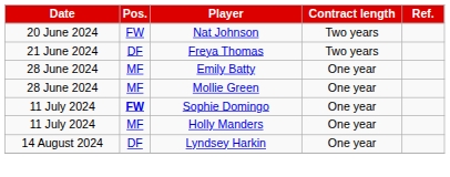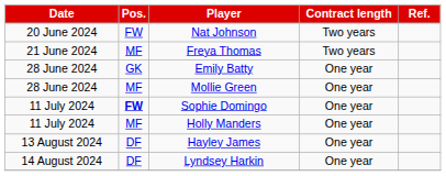 <table class="wikitable" style="text-align:center;">
 <tr>
 <th style="background:#DD0000; color:#FFFFFF; width:150px;">Date</th>
 <th style="background:#DD0000; color:#FFFFFF; width:20px;">Pos.</th>
 <th style="background:#DD0000; color:#FFFFFF; width:200px;">Player</th>
 <th style="background:#DD0000; color:#FFFFFF; width:130px;">Contract length</th>
 <th style="background:#DD0000; color:#FFFFFF; width:50px;">Ref.</th>
 </tr>
 <tr>
 <td>20 June 2024</td>
 <td><a href='#'>FW</a></td>
 <td><a href='#'>Nat Johnson</a></td>
 <td>Two years</td>
 <td></td>
 </tr>
 <tr>
 <td>21 June 2024</td>
-<td><a href='#'>DF</a></td>
+<td><a href='#'>MF</a></td>
 <td><a href='#'>Freya Thomas</a></td>
 <td>Two years</td>
 <td></td>
 </tr>
 <tr>
 <td>28 June 2024</td>
-<td><a href='#'>MF</a></td>
+<td><a href='#'>GK</a></td>
 <td><a href='#'>Emily Batty</a></td>
 <td>One year</td>
 <td></td>
 </tr>
 <tr>
 <td>28 June 2024</td>
 <td><a href='#'>MF</a></td>
 <td><a href='#'>Mollie Green</a></td>
 <td>One year</td>
 <td></td>
 </tr>
 <tr>
 <td>11 July 2024</td>
 <td><strong><a href='#'>FW</a></strong></td>
 <td><a href='#'>Sophie Domingo</a></td>
 <td>One year</td>
 <td></td>
 </tr>
 <tr>
 <td>11 July 2024</td>
 <td><a href='#'>MF</a></td>
 <td><a href='#'>Holly Manders</a></td>
 <td>One year</td>
 <td></td>
 </tr>
 <tr>
+<td>13 August 2024</td>
+<td><a href='#'>DF</a></td>
+<td><a href='#'>Hayley James</a></td>
+<td>One year</td>
+<td></td>
+</tr>
+<tr>
 <td>14 August 2024</td>
 <td><a href='#'>DF</a></td>
 <td><a href='#'>Lyndsey Harkin</a></td>
 <td>One year</td>
 <td></td>
 </tr>
 <tr>
 </tr>
 </table>
